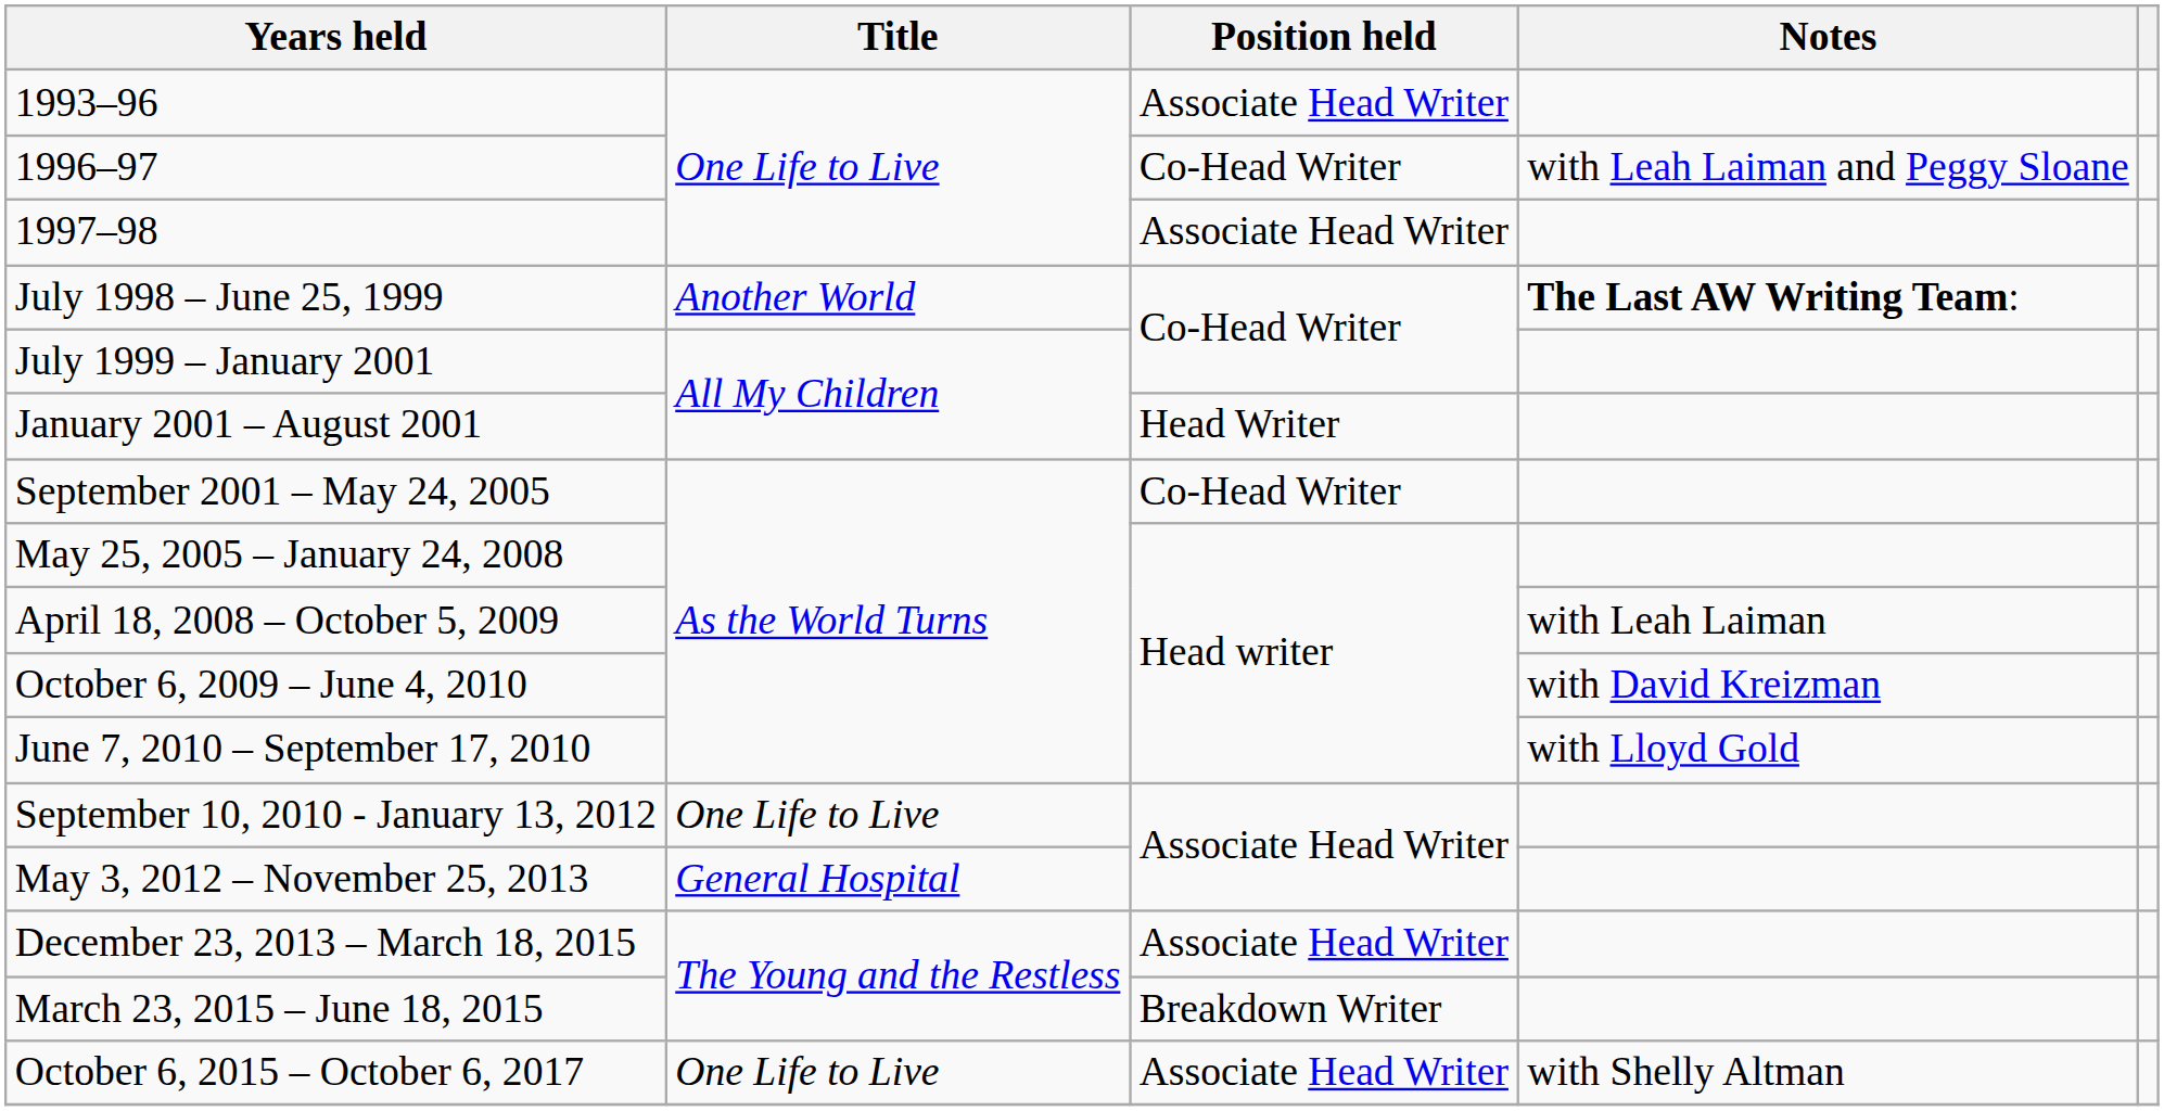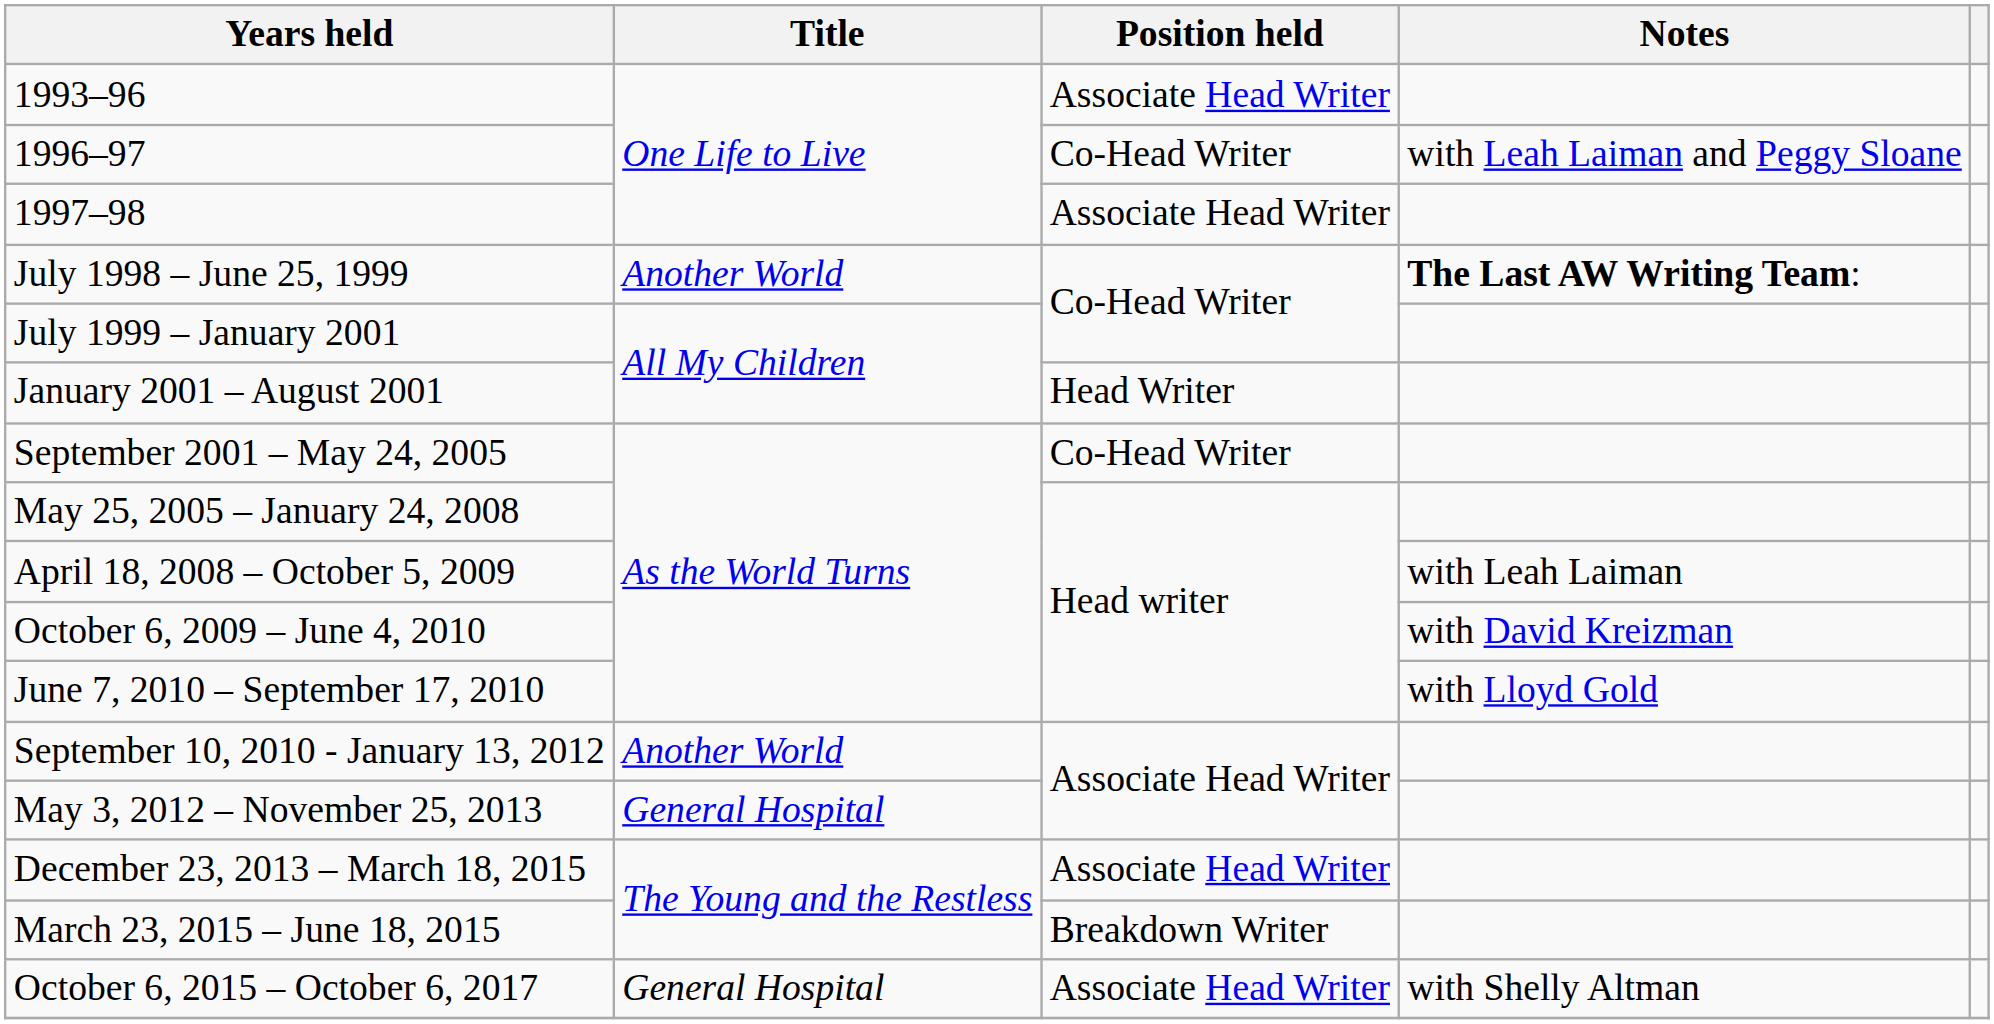 <table class="wikitable sortable">
 <tr>
 <th>Years held</th>
 <th>Title</th>
 <th>Position held</th>
 <th class="unsortable">Notes</th>
 <th class="unsortable"></th>
 </tr>
 <tr>
 <td>1993–96</td>
 <td rowspan="3"><em><a href='#'>One Life to Live</a></em></td>
 <td>Associate <a href='#'>Head Writer</a></td>
 <td></td>
 <td></td>
 </tr>
 <tr>
 <td>1996–97</td>
 <td>Co-Head Writer</td>
 <td>with <a href='#'>Leah Laiman</a> and <a href='#'>Peggy Sloane</a></td>
 <td></td>
 </tr>
 <tr>
 <td>1997–98</td>
 <td>Associate Head Writer</td>
 <td></td>
 <td></td>
 </tr>
 <tr>
 <td>July 1998 – June 25, 1999</td>
 <td><em><a href='#'>Another World</a></em></td>
 <td rowspan="2">Co-Head Writer</td>
 <td><strong>The Last AW Writing Team</strong>: <br>  </td>
 <td></td>
 </tr>
 <tr>
 <td>July 1999 – January 2001</td>
 <td rowspan="2"><em><a href='#'>All My Children</a></em></td>
 <td></td>
 <td></td>
 </tr>
 <tr>
 <td>January 2001 – August 2001</td>
 <td>Head Writer</td>
 <td></td>
 <td></td>
 </tr>
 <tr>
 <td>September 2001 – May 24, 2005</td>
 <td rowspan="5"><em><a href='#'>As the World Turns</a></em></td>
 <td>Co-Head Writer</td>
 <td></td>
 <td></td>
 </tr>
 <tr>
 <td>May 25, 2005 – January 24, 2008</td>
 <td rowspan="4">Head writer</td>
 <td></td>
 <td></td>
 </tr>
 <tr>
 <td>April 18, 2008 – October 5, 2009</td>
 <td>with Leah Laiman</td>
 <td></td>
 </tr>
 <tr>
 <td>October 6, 2009 – June 4, 2010</td>
 <td>with <a href='#'>David Kreizman</a></td>
 <td></td>
 </tr>
 <tr>
 <td>June 7, 2010 – September 17, 2010</td>
 <td>with <a href='#'>Lloyd Gold</a></td>
 <td></td>
 </tr>
 <tr>
 <td>September 10, 2010 - January 13, 2012</td>
-<td><em>One Life to Live</em></td>
+<td><em><a href='#'>Another World</a></em></td>
 <td rowspan="2">Associate Head Writer</td>
 <td></td>
 <td></td>
 </tr>
 <tr>
 <td>May 3, 2012 – November 25, 2013</td>
 <td><em><a href='#'>General Hospital</a></em></td>
 <td></td>
 <td></td>
 </tr>
 <tr>
 <td>December 23, 2013 – March 18, 2015</td>
 <td rowspan="2"><em><a href='#'>The Young and the Restless</a></em></td>
 <td>Associate <a href='#'>Head Writer</a></td>
 <td></td>
 <td></td>
 </tr>
 <tr>
 <td>March 23, 2015 – June 18, 2015</td>
 <td>Breakdown Writer</td>
 <td></td>
 <td></td>
 </tr>
 <tr>
 <td>October 6, 2015 – October 6, 2017</td>
-<td><em>One Life to Live</em></td>
+<td><em>General Hospital</em></td>
 <td>Associate <a href='#'>Head Writer</a></td>
 <td>with Shelly Altman</td>
 <td></td>
 </tr>
 <tr>
 </tr>
 </table>
